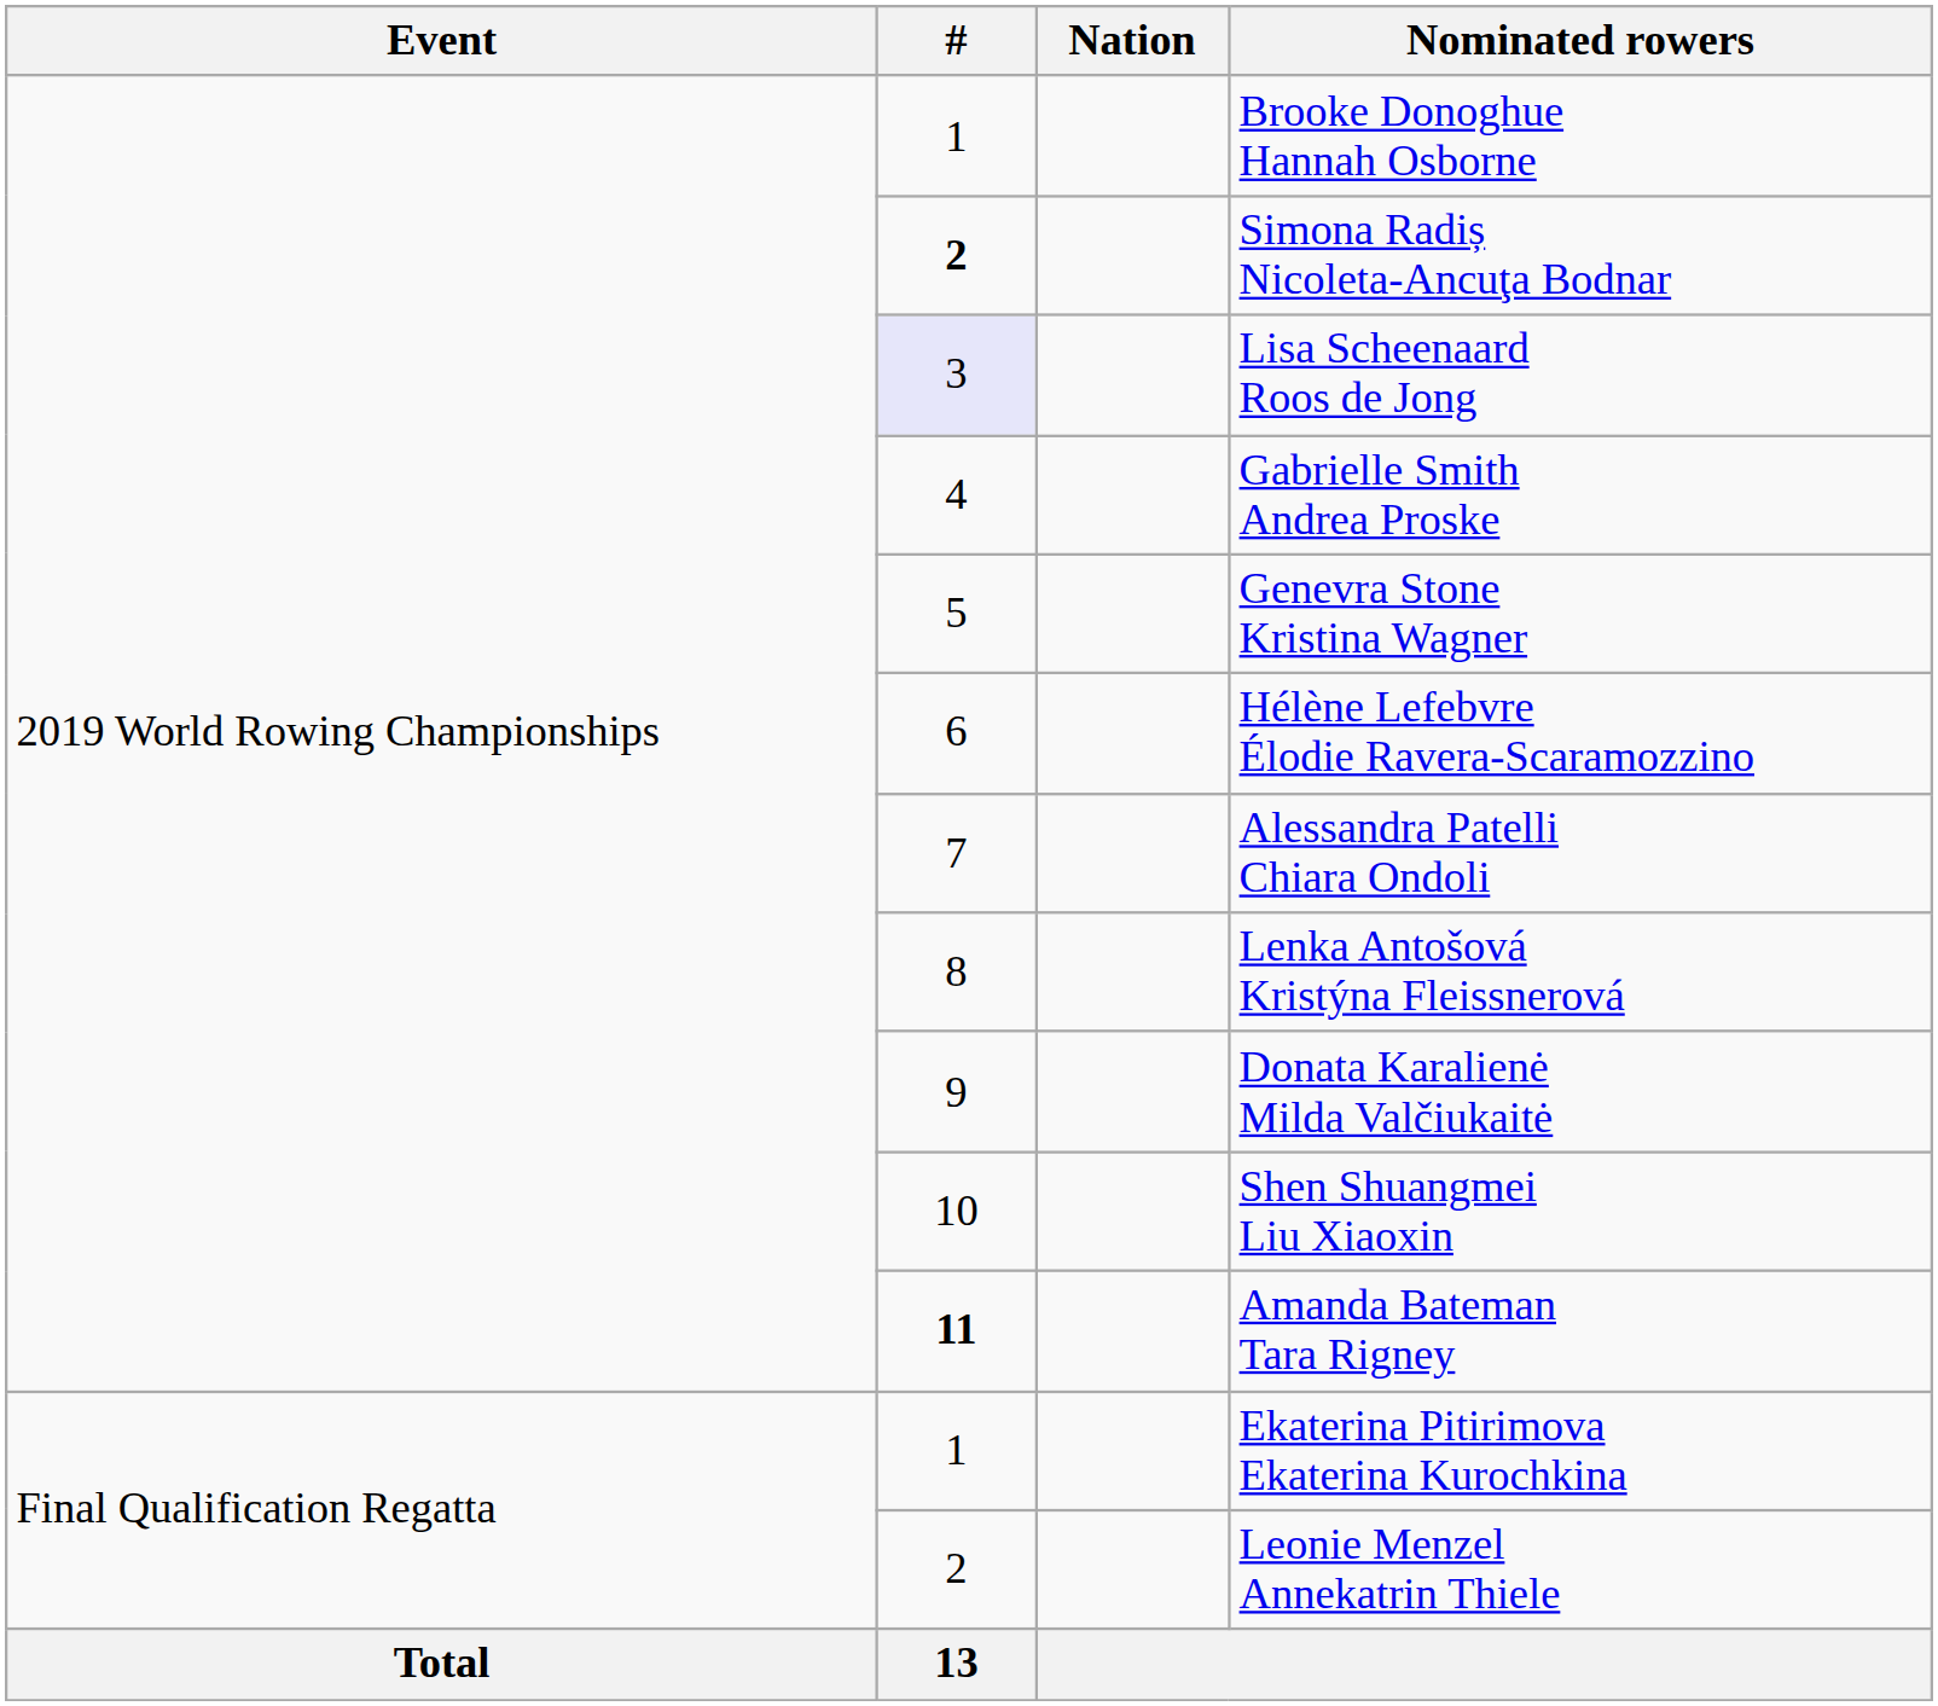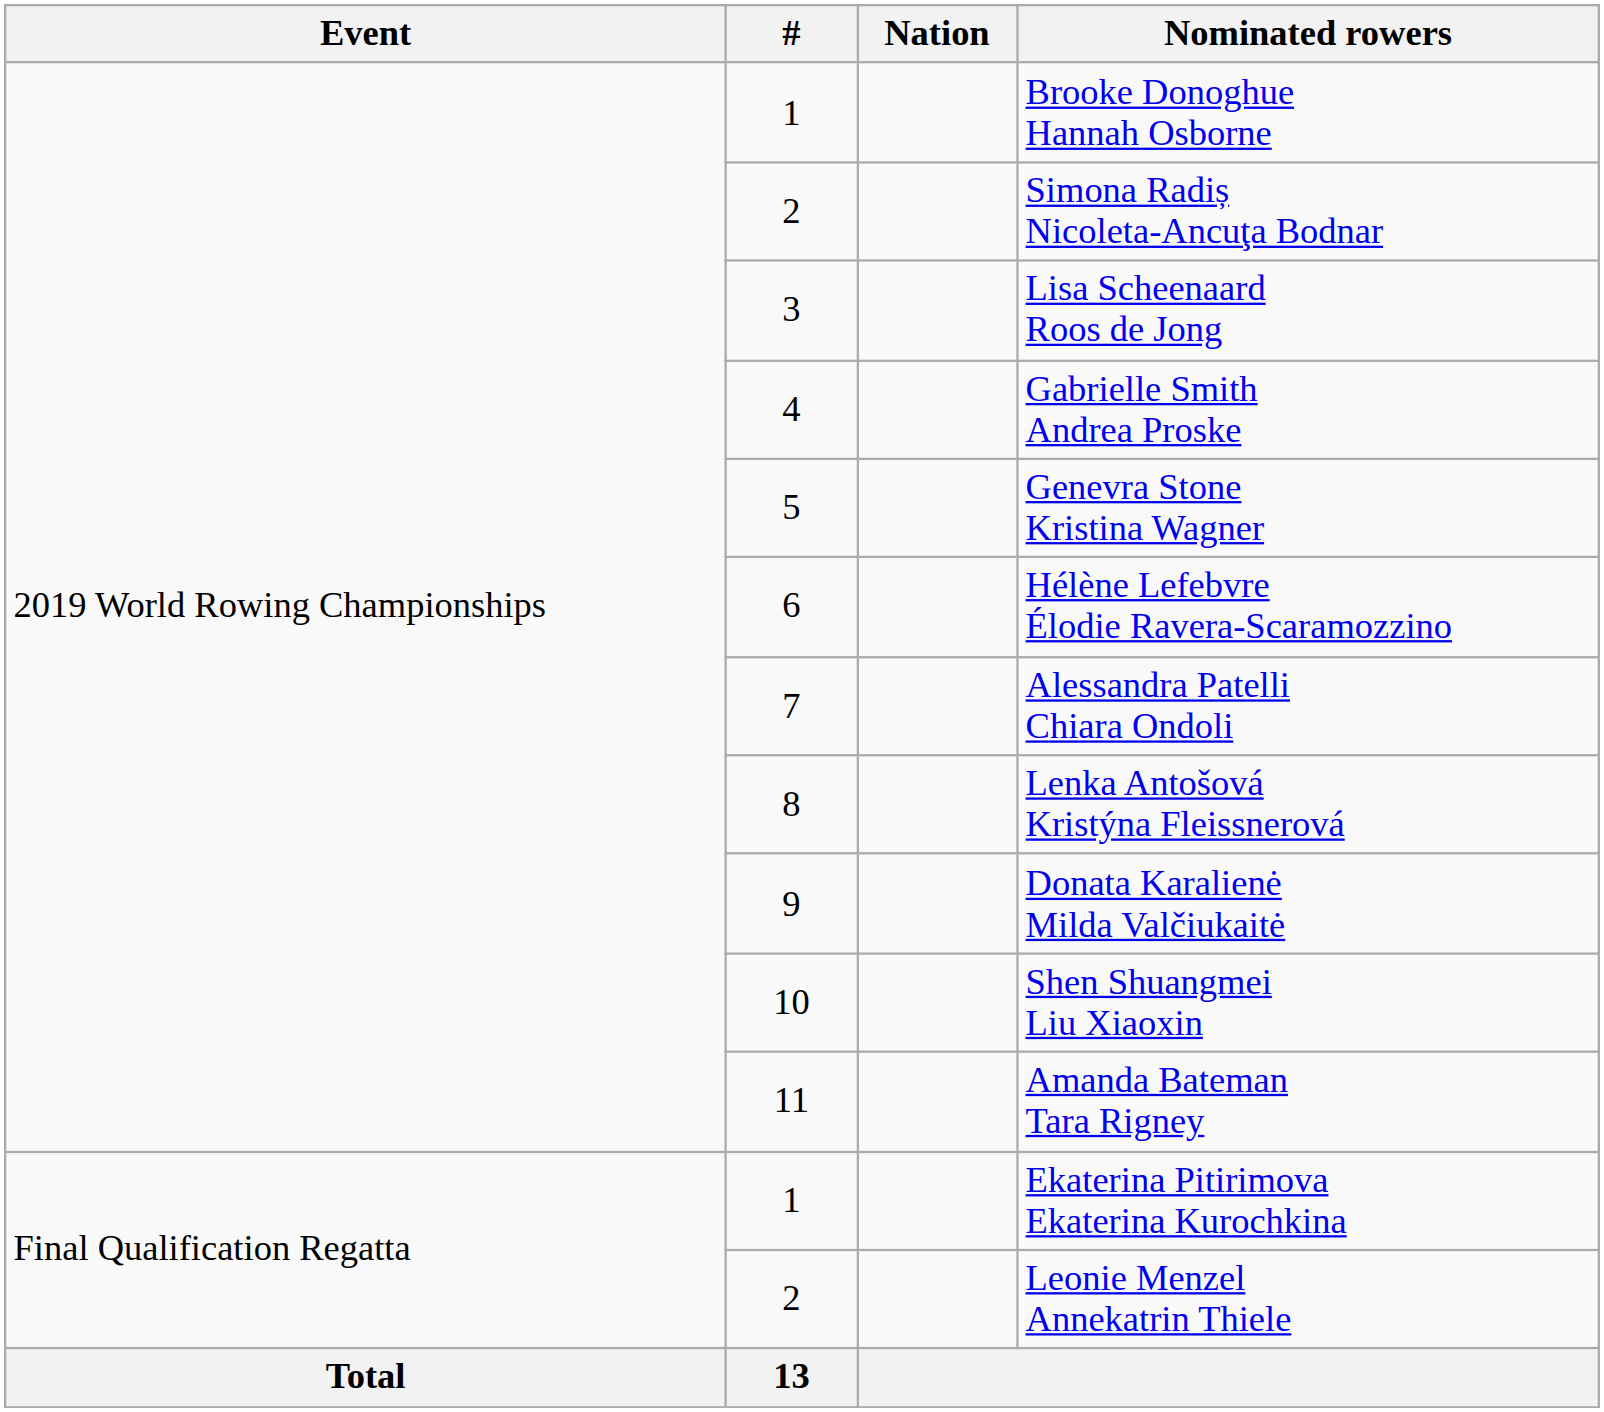 <table class="wikitable"  style="width:700px; text-align:center;">
 <tr>
 <th>Event</th>
 <th width=50>#</th>
 <th>Nation</th>
 <th>Nominated rowers</th>
 </tr>
 <tr>
 <td rowspan=11 align=left>2019 World Rowing Championships</td>
 <td>1</td>
 <td align=left></td>
 <td align=left><a href='#'>Brooke Donoghue</a><br><a href='#'>Hannah Osborne</a></td>
 </tr>
 <tr>
-<td><strong>2</strong></td>
+<td>2</td>
 <td align=left></td>
 <td align=left><a href='#'>Simona Radiș</a><br><a href='#'>Nicoleta-Ancuţa Bodnar</a></td>
 </tr>
 <tr>
-<td style="background: lavender;">3</td>
+<td>3</td>
 <td align=left></td>
 <td align=left><a href='#'>Lisa Scheenaard</a><br><a href='#'>Roos de Jong</a></td>
 </tr>
 <tr>
 <td>4</td>
 <td align=left></td>
 <td align=left><a href='#'>Gabrielle Smith</a><br><a href='#'>Andrea Proske</a></td>
 </tr>
 <tr>
 <td>5</td>
 <td align=left></td>
 <td align=left><a href='#'>Genevra Stone</a><br><a href='#'>Kristina Wagner</a></td>
 </tr>
 <tr>
 <td>6</td>
 <td align=left></td>
 <td align=left><a href='#'>Hélène Lefebvre</a><br><a href='#'>Élodie Ravera-Scaramozzino</a></td>
 </tr>
 <tr>
 <td>7</td>
 <td align=left></td>
 <td align=left><a href='#'>Alessandra Patelli</a><br><a href='#'>Chiara Ondoli</a></td>
 </tr>
 <tr>
 <td>8</td>
 <td align=left></td>
 <td align=left><a href='#'>Lenka Antošová</a><br><a href='#'>Kristýna Fleissnerová</a></td>
 </tr>
 <tr>
 <td>9</td>
 <td align=left></td>
 <td align=left><a href='#'>Donata Karalienė</a><br><a href='#'>Milda Valčiukaitė</a></td>
 </tr>
 <tr>
 <td>10</td>
 <td align=left></td>
 <td align=left><a href='#'>Shen Shuangmei</a><br><a href='#'>Liu Xiaoxin</a></td>
 </tr>
 <tr>
-<td><strong>11</strong></td>
+<td>11</td>
 <td align=left></td>
 <td align=left><a href='#'>Amanda Bateman</a><br><a href='#'>Tara Rigney</a></td>
 </tr>
 <tr>
 <td rowspan=2 align=left>Final Qualification Regatta</td>
 <td>1</td>
 <td align=left></td>
 <td align=left><a href='#'>Ekaterina Pitirimova</a><br><a href='#'>Ekaterina Kurochkina</a></td>
 </tr>
 <tr>
 <td>2</td>
 <td align=left></td>
 <td align=left><a href='#'>Leonie Menzel</a><br><a href='#'>Annekatrin Thiele</a></td>
 </tr>
 <tr>
 <th>Total</th>
 <th>13</th>
 <th colspan=2></th>
 </tr>
 </table>
